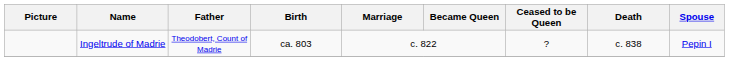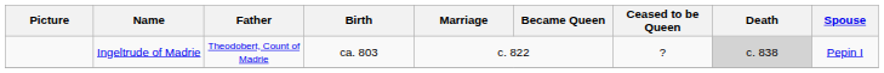 <table width=95% class="wikitable">
 <tr>
 <th width = "8%">Picture</th>
 <th width = "10%">Name</th>
 <th width = "9%">Father</th>
 <th width = "10%">Birth</th>
 <th width = "9%">Marriage</th>
 <th width = "9%">Became Queen</th>
 <th width = "9%">Ceased to be Queen</th>
 <th width = "9%">Death</th>
 <th width = "6%"><a href='#'>Spouse</a></th>
 </tr>
 <tr>
 <td align="center"></td>
 <td align="center"><a href='#'>Ingeltrude of Madrie</a></td>
 <td align="center"><small><a href='#'>Theodobert, Count of Madrie</a></small></td>
 <td align="center">ca. 803</td>
 <td align="center" colspan="2">c. 822</td>
 <td align="center">?</td>
-<td align="center">c. 838</td>
+<td align="center" style="background: lightgrey;">c. 838</td>
 <td align="center"><a href='#'>Pepin I</a></td>
 </tr>
 <tr>
 </tr>
 </table>
